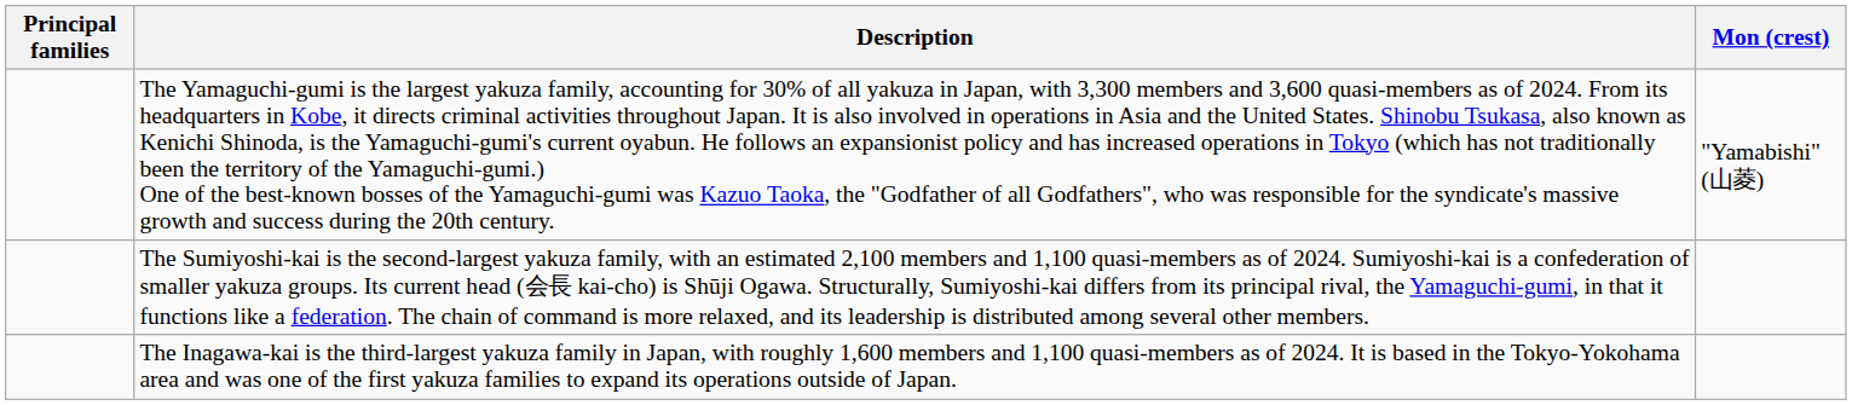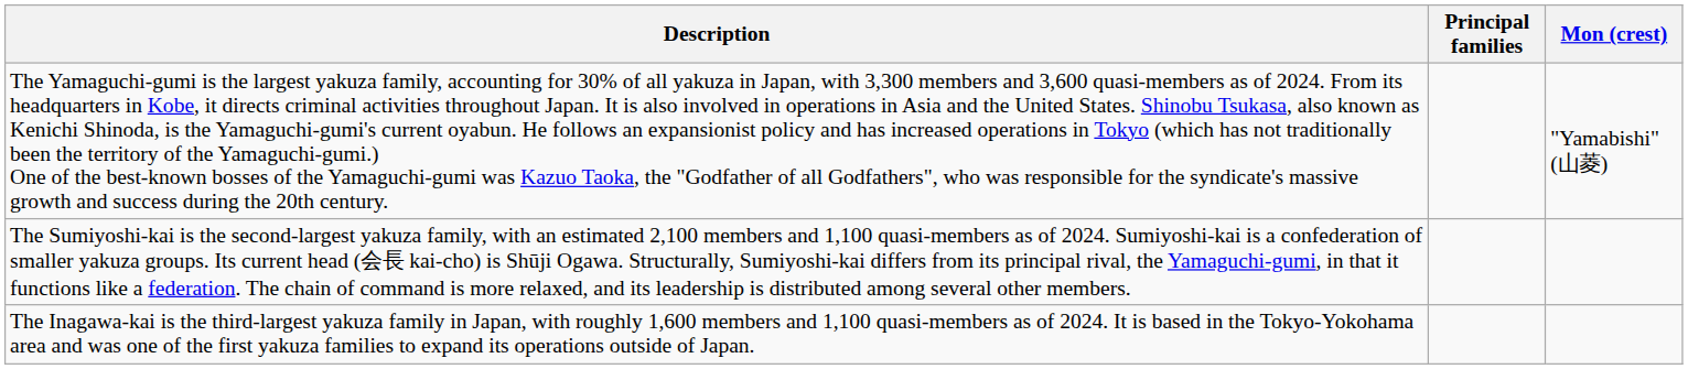 <table class=wikitable>
 <tr>
+<th>Description</th>
 <th>Principal families</th>
-<th>Description</th>
 <th><a href='#'>Mon (crest)</a></th>
 </tr>
 <tr ---->
+<td>The Yamaguchi-gumi is the largest yakuza family, accounting for 30% of all yakuza in Japan, with 3,300 members and 3,600 quasi-members as of 2024. From its headquarters in <a href='#'>Kobe</a>, it directs criminal activities throughout Japan. It is also involved in operations in Asia and the United States. <a href='#'>Shinobu Tsukasa</a>, also known as Kenichi Shinoda, is the Yamaguchi-gumi's current oyabun. He follows an expansionist policy and has increased operations in <a href='#'>Tokyo</a> (which has not traditionally been the territory of the Yamaguchi-gumi.)<br>One of the best-known bosses of the Yamaguchi-gumi was <a href='#'>Kazuo Taoka</a>, the "Godfather of all Godfathers", who was responsible for the syndicate's massive growth and success during the 20th century.</td>
 <td></td>
-<td>The Yamaguchi-gumi is the largest yakuza family, accounting for 30% of all yakuza in Japan, with 3,300 members and 3,600 quasi-members as of 2024. From its headquarters in <a href='#'>Kobe</a>, it directs criminal activities throughout Japan. It is also involved in operations in Asia and the United States. <a href='#'>Shinobu Tsukasa</a>, also known as Kenichi Shinoda, is the Yamaguchi-gumi's current oyabun. He follows an expansionist policy and has increased operations in <a href='#'>Tokyo</a> (which has not traditionally been the territory of the Yamaguchi-gumi.)<br>One of the best-known bosses of the Yamaguchi-gumi was <a href='#'>Kazuo Taoka</a>, the "Godfather of all Godfathers", who was responsible for the syndicate's massive growth and success during the 20th century.</td>
 <td><br> "Yamabishi" (山菱)</td>
 </tr>
 <tr>
+<td>The Sumiyoshi-kai is the second-largest yakuza family, with an estimated 2,100 members and 1,100 quasi-members as of 2024. Sumiyoshi-kai is a confederation of smaller yakuza groups. Its current head (会長 kai-cho) is Shūji Ogawa. Structurally, Sumiyoshi-kai differs from its principal rival, the <a href='#'>Yamaguchi-gumi</a>, in that it functions like a <a href='#'>federation</a>. The chain of command is more relaxed, and its leadership is distributed among several other members.</td>
 <td></td>
-<td>The Sumiyoshi-kai is the second-largest yakuza family, with an estimated 2,100 members and 1,100 quasi-members as of 2024. Sumiyoshi-kai is a confederation of smaller yakuza groups. Its current head (会長 kai-cho) is Shūji Ogawa. Structurally, Sumiyoshi-kai differs from its principal rival, the <a href='#'>Yamaguchi-gumi</a>, in that it functions like a <a href='#'>federation</a>. The chain of command is more relaxed, and its leadership is distributed among several other members.</td>
 <td></td>
 </tr>
 <tr>
+<td>The Inagawa-kai is the third-largest yakuza family in Japan, with roughly 1,600 members and 1,100 quasi-members as of 2024. It is based in the Tokyo-Yokohama area and was one of the first yakuza families to expand its operations outside of Japan.</td>
 <td></td>
-<td>The Inagawa-kai is the third-largest yakuza family in Japan, with roughly 1,600 members and 1,100 quasi-members as of 2024. It is based in the Tokyo-Yokohama area and was one of the first yakuza families to expand its operations outside of Japan.</td>
 <td></td>
 </tr>
 </table>
